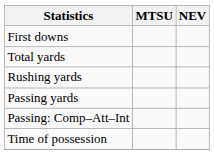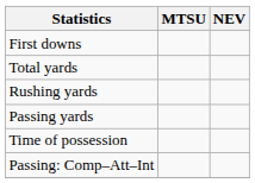 <table class="wikitable" style="float: left;">
 <tr>
 <th>Statistics</th>
 <th>MTSU</th>
 <th>NEV</th>
 </tr>
 <tr>
 <td>First downs</td>
 <td></td>
 <td></td>
 </tr>
 <tr>
 <td>Total yards</td>
 <td></td>
 <td></td>
 </tr>
 <tr>
 <td>Rushing yards</td>
 <td></td>
 <td></td>
 </tr>
 <tr>
 <td>Passing yards</td>
 <td></td>
 <td></td>
 </tr>
 <tr>
-<td>Passing: Comp–Att–Int</td>
+<td>Time of possession</td>
 <td></td>
 <td></td>
 </tr>
 <tr>
-<td>Time of possession</td>
+<td>Passing: Comp–Att–Int</td>
 <td></td>
 <td></td>
 </tr>
 <tr>
 </tr>
 </table>
